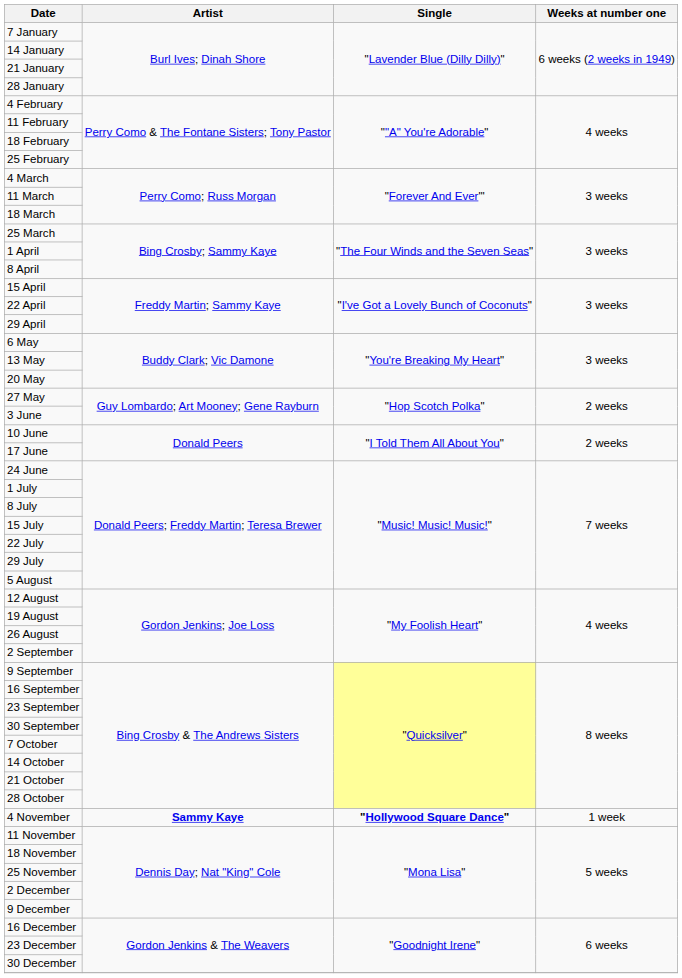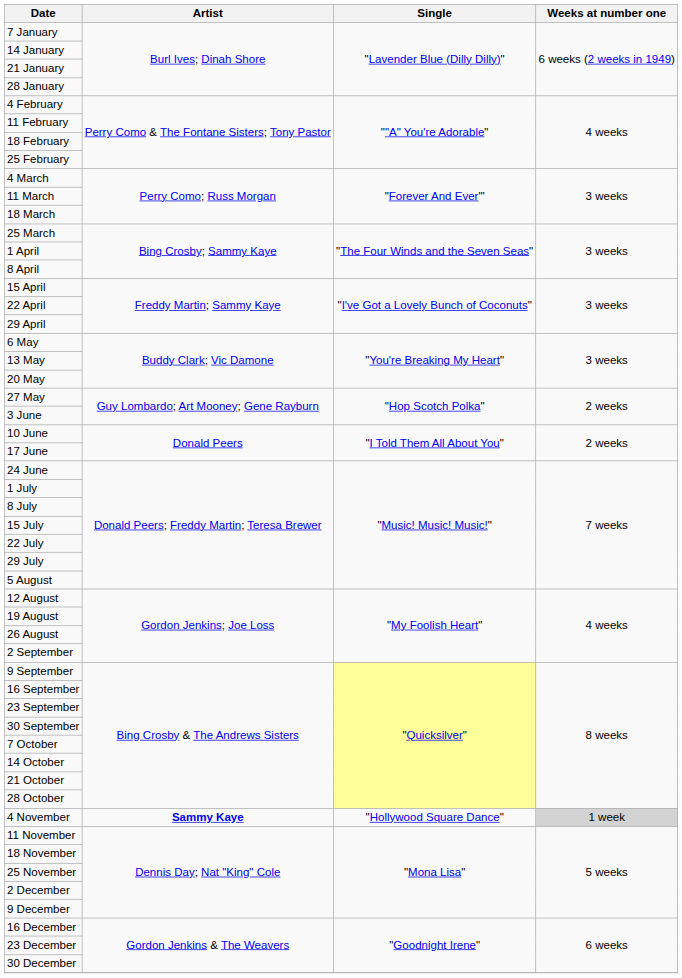 <table class="wikitable">
 <tr>
 <th>Date</th>
 <th>Artist</th>
 <th>Single</th>
 <th>Weeks at number one</th>
 </tr>
 <tr>
 <td>7 January</td>
 <td rowspan=4 align="center"><a href='#'>Burl Ives</a>; <a href='#'>Dinah Shore</a></td>
 <td rowspan=4 align="center">"<a href='#'>Lavender Blue (Dilly Dilly)</a>"</td>
 <td rowspan=4 align="center">6 weeks (<a href='#'>2 weeks in 1949</a>)</td>
 </tr>
 <tr>
 <td>14 January</td>
 </tr>
 <tr>
 <td>21 January</td>
 </tr>
 <tr>
 <td>28 January</td>
 </tr>
 <tr>
 <td>4 February</td>
 <td rowspan=4 align="center"><a href='#'>Perry Como</a> & <a href='#'>The Fontane Sisters</a>; <a href='#'>Tony Pastor</a></td>
 <td rowspan=4 align="center">"<a href='#'>"A" You're Adorable</a>"</td>
 <td rowspan=4 align="center">4 weeks</td>
 </tr>
 <tr>
 <td>11 February</td>
 </tr>
 <tr>
 <td>18 February</td>
 </tr>
 <tr>
 <td>25 February</td>
 </tr>
 <tr>
 <td>4 March</td>
 <td rowspan=3 align="center"><a href='#'>Perry Como</a>; <a href='#'>Russ Morgan</a></td>
 <td rowspan=3 align="center">"<a href='#'>Forever And Ever</a>"'</td>
 <td rowspan=3 align="center">3 weeks</td>
 </tr>
 <tr>
 <td>11 March</td>
 </tr>
 <tr>
 <td>18 March</td>
 </tr>
 <tr>
 <td>25 March</td>
 <td rowspan=3 align="center"><a href='#'>Bing Crosby</a>; <a href='#'>Sammy Kaye</a></td>
 <td rowspan=3 align="center">"<a href='#'>The Four Winds and the Seven Seas</a>"</td>
 <td rowspan=3 align="center">3 weeks</td>
 </tr>
 <tr>
 <td>1 April</td>
 </tr>
 <tr>
 <td>8 April</td>
 </tr>
 <tr>
 <td>15 April</td>
 <td rowspan=3 align="center"><a href='#'>Freddy Martin</a>; <a href='#'>Sammy Kaye</a></td>
 <td rowspan=3 align="center">"<a href='#'>I've Got a Lovely Bunch of Coconuts</a>"</td>
 <td rowspan=3 align="center">3 weeks</td>
 </tr>
 <tr>
 <td>22 April</td>
 </tr>
 <tr>
 <td>29 April</td>
 </tr>
 <tr>
 <td>6 May</td>
 <td rowspan=3 align="center"><a href='#'>Buddy Clark</a>; <a href='#'>Vic Damone</a></td>
 <td rowspan=3 align="center">"<a href='#'>You're Breaking My Heart</a>"</td>
 <td rowspan=3 align="center">3 weeks</td>
 </tr>
 <tr>
 <td>13 May</td>
 </tr>
 <tr>
 <td>20 May</td>
 </tr>
 <tr>
 <td>27 May</td>
 <td rowspan=2 align="center"><a href='#'>Guy Lombardo</a>; <a href='#'>Art Mooney</a>; <a href='#'>Gene Rayburn</a></td>
 <td rowspan=2 align="center">"<a href='#'>Hop Scotch Polka</a>"</td>
 <td rowspan=2 align="center">2 weeks</td>
 </tr>
 <tr>
 <td>3 June</td>
 </tr>
 <tr>
 <td>10 June</td>
 <td rowspan=2 align="center"><a href='#'>Donald Peers</a></td>
 <td rowspan=2 align="center">"<a href='#'>I Told Them All About You</a>"</td>
 <td rowspan=2 align="center">2 weeks</td>
 </tr>
 <tr>
 <td>17 June</td>
 </tr>
 <tr>
 <td>24 June</td>
 <td rowspan=7 align="center"><a href='#'>Donald Peers</a>; <a href='#'>Freddy Martin</a>; <a href='#'>Teresa Brewer</a></td>
 <td rowspan=7 align="center">"<a href='#'>Music! Music! Music!</a>"</td>
 <td rowspan=7 align="center">7 weeks</td>
 </tr>
 <tr>
 <td>1 July</td>
 </tr>
 <tr>
 <td>8 July</td>
 </tr>
 <tr>
 <td>15 July</td>
 </tr>
 <tr>
 <td>22 July</td>
 </tr>
 <tr>
 <td>29 July</td>
 </tr>
 <tr>
 <td>5 August</td>
 </tr>
 <tr>
 <td>12 August</td>
 <td rowspan=4 align="center"><a href='#'>Gordon Jenkins</a>; <a href='#'>Joe Loss</a></td>
 <td rowspan=4 align="center">"<a href='#'>My Foolish Heart</a>"</td>
 <td rowspan=4 align="center">4 weeks</td>
 </tr>
 <tr>
 <td>19 August</td>
 </tr>
 <tr>
 <td>26 August</td>
 </tr>
 <tr>
 <td>2 September</td>
 </tr>
 <tr>
 <td>9 September</td>
 <td rowspan=8 align="center"><a href='#'>Bing Crosby</a> & <a href='#'>The Andrews Sisters</a></td>
 <td bgcolor=#FFFF99 rowspan=8 align="center">"<a href='#'>Quicksilver</a>"</td>
 <td rowspan=8 align="center">8 weeks</td>
 </tr>
 <tr>
 <td>16 September</td>
 </tr>
 <tr>
 <td>23 September</td>
 </tr>
 <tr>
 <td>30 September</td>
 </tr>
 <tr>
 <td>7 October</td>
 </tr>
 <tr>
 <td>14 October</td>
 </tr>
 <tr>
 <td>21 October</td>
 </tr>
 <tr>
 <td>28 October</td>
 </tr>
 <tr>
 <td>4 November</td>
 <td align="center"><strong><a href='#'>Sammy Kaye</a></strong></td>
-<td align="center"><strong>"<a href='#'>Hollywood Square Dance</a>"</strong></td>
-<td align="center">1 week</td>
+<td align="center">"<a href='#'>Hollywood Square Dance</a>"</td>
+<td align="center" style="background: lightgrey;">1 week</td>
 </tr>
 <tr>
 <td>11 November</td>
 <td rowspan=5 align="center"><a href='#'>Dennis Day</a>; <a href='#'>Nat "King" Cole</a></td>
 <td rowspan=5 align="center">"<a href='#'>Mona Lisa</a>"</td>
 <td rowspan=5 align="center">5 weeks</td>
 </tr>
 <tr>
 <td>18 November</td>
 </tr>
 <tr>
 <td>25 November</td>
 </tr>
 <tr>
 <td>2 December</td>
 </tr>
 <tr>
 <td>9 December</td>
 </tr>
 <tr>
 <td>16 December</td>
 <td rowspan=3 align="center"><a href='#'>Gordon Jenkins</a> & <a href='#'>The Weavers</a></td>
 <td rowspan=3 align="center">"<a href='#'>Goodnight Irene</a>"</td>
 <td rowspan=3 align="center">6 weeks</td>
 </tr>
 <tr>
 <td>23 December</td>
 </tr>
 <tr>
 <td>30 December</td>
 </tr>
 <tr>
 </tr>
 </table>
